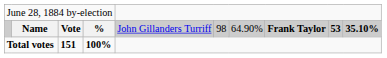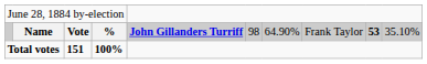 <table class="wikitable">
 <tr>
 <td colspan=4 align=center>June 28, 1884 by-election</td>
 </tr>
 <tr bgcolor="CCCCCC">
 <td></td>
 <th>Name</th>
 <th>Vote</th>
 <th>%<br></th>
-<td><a href='#'>John Gillanders Turriff</a></td>
+<td><strong><a href='#'>John Gillanders Turriff</a></strong></td>
 <td>98</td>
 <td>64.90%<br></td>
-<td><strong>Frank Taylor</strong></td>
+<td>Frank Taylor</td>
 <td><strong>53</strong></td>
-<td><strong>35.10%</strong></td>
+<td>35.10%</td>
 </tr>
 <tr>
 <td colspan=2><strong>Total votes</strong></td>
 <td><strong>151</strong></td>
 <td alignment="left"><strong>100%</strong></td>
 </tr>
 </table>
